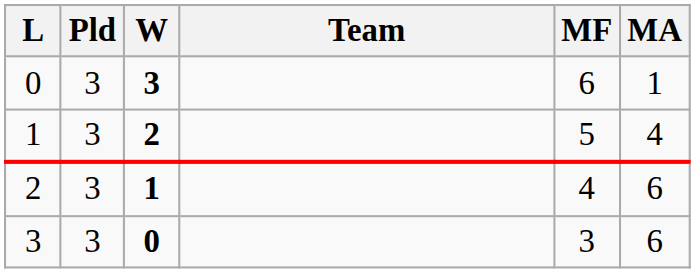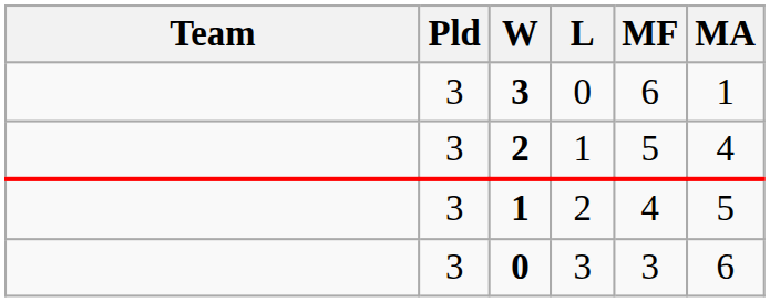 <table class=wikitable style="text-align:center">
 <tr>
-<th width=20>L</th>
+<th width=175>Team</th>
 <th width=20>Pld</th>
 <th width=20>W</th>
-<th width=175>Team</th>
+<th width=20>L</th>
 <th width=20>MF</th>
 <th width=20>MA</th>
 </tr>
 <tr>
-<td>0</td>
+<td style="text-align:left"></td>
 <td>3</td>
 <td><strong>3</strong></td>
-<td style="text-align:left"></td>
+<td>0</td>
 <td>6</td>
 <td>1</td>
 </tr>
 <tr style="border-bottom:2px solid red;">
-<td>1</td>
+<td style="text-align:left"></td>
 <td>3</td>
 <td><strong>2</strong></td>
-<td style="text-align:left"></td>
+<td>1</td>
 <td>5</td>
 <td>4</td>
 </tr>
 <tr -bgcolor=ffcccc>
-<td>2</td>
+<td style="text-align:left"></td>
 <td>3</td>
 <td><strong>1</strong></td>
-<td style="text-align:left"></td>
+<td>2</td>
 <td>4</td>
-<td>6</td>
+<td>5</td>
 </tr>
 <tr -bgcolor=ffcccc>
-<td>3</td>
+<td style="text-align:left"></td>
 <td>3</td>
 <td><strong>0</strong></td>
-<td style="text-align:left"></td>
+<td>3</td>
 <td>3</td>
 <td>6</td>
 </tr>
 </table>
